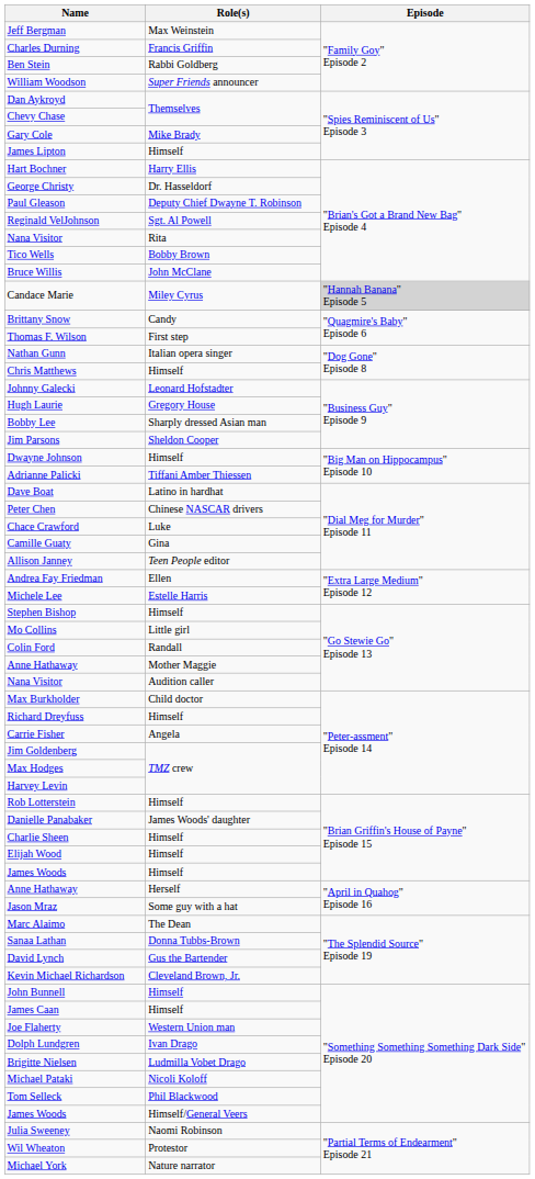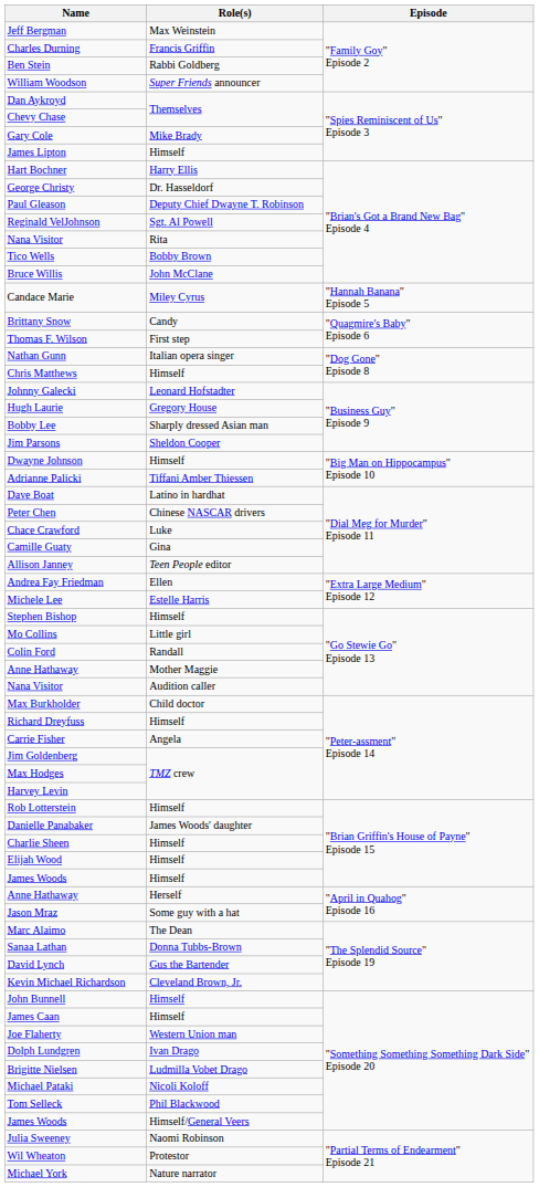 <table class="wikitable">
 <tr>
 <th scope="col" style="width: 200px;">Name</th>
 <th scope="col" style="width: 250px;">Role(s)</th>
 <th scope="col" style="width: 300px;">Episode</th>
 </tr>
 <tr>
 <td><a href='#'>Jeff Bergman</a></td>
 <td>Max Weinstein</td>
 <td rowspan="4">"<a href='#'>Family Goy</a>"<br>Episode 2</td>
 </tr>
 <tr>
 <td><a href='#'>Charles Durning</a></td>
 <td><a href='#'>Francis Griffin</a></td>
 </tr>
 <tr>
 <td><a href='#'>Ben Stein</a></td>
 <td>Rabbi Goldberg</td>
 </tr>
 <tr>
 <td><a href='#'>William Woodson</a></td>
 <td><em><a href='#'>Super Friends</a></em> announcer</td>
 </tr>
 <tr>
 <td><a href='#'>Dan Aykroyd</a></td>
 <td rowspan="2"><a href='#'>Themselves</a></td>
 <td rowspan="4">"<a href='#'>Spies Reminiscent of Us</a>"<br>Episode 3</td>
 </tr>
 <tr>
 <td><a href='#'>Chevy Chase</a></td>
 </tr>
 <tr>
 <td><a href='#'>Gary Cole</a></td>
 <td><a href='#'>Mike Brady</a></td>
 </tr>
 <tr>
 <td><a href='#'>James Lipton</a></td>
 <td>Himself</td>
 </tr>
 <tr>
 <td><a href='#'>Hart Bochner</a></td>
 <td><a href='#'>Harry Ellis</a></td>
 <td rowspan="7">"<a href='#'>Brian's Got a Brand New Bag</a>"<br>Episode 4</td>
 </tr>
 <tr>
 <td><a href='#'>George Christy</a></td>
 <td>Dr. Hasseldorf</td>
 </tr>
 <tr>
 <td><a href='#'>Paul Gleason</a></td>
 <td><a href='#'>Deputy Chief Dwayne T. Robinson</a></td>
 </tr>
 <tr>
 <td><a href='#'>Reginald VelJohnson</a></td>
 <td><a href='#'>Sgt. Al Powell</a></td>
 </tr>
 <tr>
 <td><a href='#'>Nana Visitor</a></td>
 <td>Rita</td>
 </tr>
 <tr>
 <td><a href='#'>Tico Wells</a></td>
 <td><a href='#'>Bobby Brown</a></td>
 </tr>
 <tr>
 <td><a href='#'>Bruce Willis</a></td>
 <td><a href='#'>John McClane</a></td>
 </tr>
 <tr>
 <td>Candace Marie</td>
 <td><a href='#'>Miley Cyrus</a></td>
-<td style="background: lightgrey;">"<a href='#'>Hannah Banana</a>"<br>Episode 5</td>
+<td>"<a href='#'>Hannah Banana</a>"<br>Episode 5</td>
 </tr>
 <tr>
 <td><a href='#'>Brittany Snow</a></td>
 <td>Candy</td>
 <td rowspan="2">"<a href='#'>Quagmire's Baby</a>"<br>Episode 6</td>
 </tr>
 <tr>
 <td><a href='#'>Thomas F. Wilson</a></td>
 <td>First step</td>
 </tr>
 <tr>
 <td><a href='#'>Nathan Gunn</a></td>
 <td>Italian opera singer</td>
 <td rowspan="2">"<a href='#'>Dog Gone</a>"<br>Episode 8</td>
 </tr>
 <tr>
 <td><a href='#'>Chris Matthews</a></td>
 <td>Himself</td>
 </tr>
 <tr>
 <td><a href='#'>Johnny Galecki</a></td>
 <td><a href='#'>Leonard Hofstadter</a></td>
 <td rowspan="4">"<a href='#'>Business Guy</a>"<br>Episode 9</td>
 </tr>
 <tr>
 <td><a href='#'>Hugh Laurie</a></td>
 <td><a href='#'>Gregory House</a></td>
 </tr>
 <tr>
 <td><a href='#'>Bobby Lee</a></td>
 <td>Sharply dressed Asian man</td>
 </tr>
 <tr>
 <td><a href='#'>Jim Parsons</a></td>
 <td><a href='#'>Sheldon Cooper</a></td>
 </tr>
 <tr>
 <td><a href='#'>Dwayne Johnson</a></td>
 <td>Himself</td>
 <td rowspan="2">"<a href='#'>Big Man on Hippocampus</a>"<br>Episode 10</td>
 </tr>
 <tr>
 <td><a href='#'>Adrianne Palicki</a></td>
 <td><a href='#'>Tiffani Amber Thiessen</a></td>
 </tr>
 <tr>
 <td><a href='#'>Dave Boat</a></td>
 <td>Latino in hardhat</td>
 <td rowspan="5">"<a href='#'>Dial Meg for Murder</a>"<br>Episode 11</td>
 </tr>
 <tr>
 <td><a href='#'>Peter Chen</a></td>
 <td>Chinese <a href='#'>NASCAR</a> drivers</td>
 </tr>
 <tr>
 <td><a href='#'>Chace Crawford</a></td>
 <td>Luke</td>
 </tr>
 <tr>
 <td><a href='#'>Camille Guaty</a></td>
 <td>Gina</td>
 </tr>
 <tr>
 <td><a href='#'>Allison Janney</a></td>
 <td><em>Teen People</em> editor</td>
 </tr>
 <tr>
 <td><a href='#'>Andrea Fay Friedman</a></td>
 <td>Ellen</td>
 <td rowspan="2">"<a href='#'>Extra Large Medium</a>"<br>Episode 12</td>
 </tr>
 <tr>
 <td><a href='#'>Michele Lee</a></td>
 <td><a href='#'>Estelle Harris</a></td>
 </tr>
 <tr>
 <td><a href='#'>Stephen Bishop</a></td>
 <td>Himself</td>
 <td rowspan="5">"<a href='#'>Go Stewie Go</a>"<br>Episode 13</td>
 </tr>
 <tr>
 <td><a href='#'>Mo Collins</a></td>
 <td>Little girl</td>
 </tr>
 <tr>
 <td><a href='#'>Colin Ford</a></td>
 <td>Randall</td>
 </tr>
 <tr>
 <td><a href='#'>Anne Hathaway</a></td>
 <td>Mother Maggie</td>
 </tr>
 <tr>
 <td><a href='#'>Nana Visitor</a></td>
 <td>Audition caller</td>
 </tr>
 <tr>
 <td><a href='#'>Max Burkholder</a></td>
 <td>Child doctor</td>
 <td rowspan="6">"<a href='#'>Peter-assment</a>"<br>Episode 14</td>
 </tr>
 <tr>
 <td><a href='#'>Richard Dreyfuss</a></td>
 <td>Himself</td>
 </tr>
 <tr>
 <td><a href='#'>Carrie Fisher</a></td>
 <td>Angela</td>
 </tr>
 <tr>
 <td><a href='#'>Jim Goldenberg</a></td>
 <td rowspan="3"><em><a href='#'>TMZ</a></em> crew</td>
 </tr>
 <tr>
 <td><a href='#'>Max Hodges</a></td>
 </tr>
 <tr>
 <td><a href='#'>Harvey Levin</a></td>
 </tr>
 <tr>
 <td><a href='#'>Rob Lotterstein</a></td>
 <td>Himself</td>
 <td rowspan="5">"<a href='#'>Brian Griffin's House of Payne</a>"<br>Episode 15</td>
 </tr>
 <tr>
 <td><a href='#'>Danielle Panabaker</a></td>
 <td>James Woods' daughter</td>
 </tr>
 <tr>
 <td><a href='#'>Charlie Sheen</a></td>
 <td>Himself</td>
 </tr>
 <tr>
 <td><a href='#'>Elijah Wood</a></td>
 <td>Himself</td>
 </tr>
 <tr>
 <td><a href='#'>James Woods</a></td>
 <td>Himself</td>
 </tr>
 <tr>
 <td><a href='#'>Anne Hathaway</a></td>
 <td>Herself</td>
 <td rowspan="2">"<a href='#'>April in Quahog</a>"<br>Episode 16</td>
 </tr>
 <tr>
 <td><a href='#'>Jason Mraz</a></td>
 <td>Some guy with a hat</td>
 </tr>
 <tr>
 <td><a href='#'>Marc Alaimo</a></td>
 <td>The Dean</td>
 <td rowspan="4">"<a href='#'>The Splendid Source</a>"<br>Episode 19</td>
 </tr>
 <tr>
 <td><a href='#'>Sanaa Lathan</a></td>
 <td><a href='#'>Donna Tubbs-Brown</a></td>
 </tr>
 <tr>
 <td><a href='#'>David Lynch</a></td>
 <td><a href='#'>Gus the Bartender</a></td>
 </tr>
 <tr>
 <td><a href='#'>Kevin Michael Richardson</a></td>
 <td><a href='#'>Cleveland Brown, Jr.</a></td>
 </tr>
 <tr>
 <td><a href='#'>John Bunnell</a></td>
 <td><a href='#'>Himself</a></td>
 <td rowspan="8">"<a href='#'>Something Something Something Dark Side</a>"<br>Episode 20</td>
 </tr>
 <tr>
 <td><a href='#'>James Caan</a></td>
 <td>Himself</td>
 </tr>
 <tr>
 <td><a href='#'>Joe Flaherty</a></td>
 <td><a href='#'>Western Union man</a></td>
 </tr>
 <tr>
 <td><a href='#'>Dolph Lundgren</a></td>
 <td><a href='#'>Ivan Drago</a></td>
 </tr>
 <tr>
 <td><a href='#'>Brigitte Nielsen</a></td>
 <td><a href='#'>Ludmilla Vobet Drago</a></td>
 </tr>
 <tr>
 <td><a href='#'>Michael Pataki</a></td>
 <td><a href='#'>Nicoli Koloff</a></td>
 </tr>
 <tr>
 <td><a href='#'>Tom Selleck</a></td>
 <td><a href='#'>Phil Blackwood</a></td>
 </tr>
 <tr>
 <td><a href='#'>James Woods</a></td>
 <td>Himself/<a href='#'>General Veers</a></td>
 </tr>
 <tr>
 <td><a href='#'>Julia Sweeney</a></td>
 <td>Naomi Robinson</td>
 <td rowspan="3">"<a href='#'>Partial Terms of Endearment</a>"<br>Episode 21</td>
 </tr>
 <tr>
 <td><a href='#'>Wil Wheaton</a></td>
 <td>Protestor</td>
 </tr>
 <tr>
 <td><a href='#'>Michael York</a></td>
 <td>Nature narrator</td>
 </tr>
 </table>
